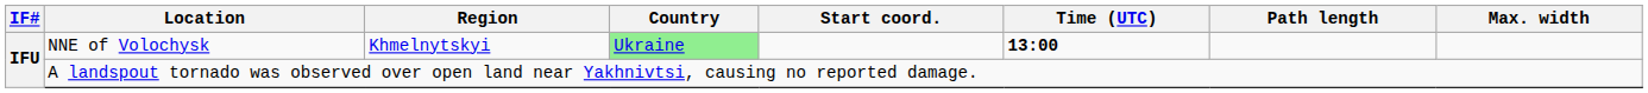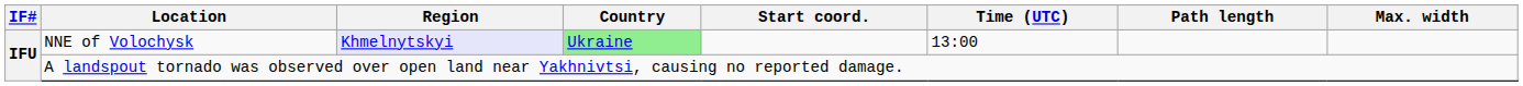 <table class="wikitable sortable" style="width:100%;">
 <tr>
 <th scope="col" width="2%" align="center"><a href='#'>IF#</a></th>
 <th scope="col" align="center" class="unsortable">Location</th>
 <th scope="col" align="center" class="unsortable">Region</th>
 <th scope="col" align="center">Country</th>
 <th scope="col" align="center">Start coord.</th>
 <th scope="col" align="center">Time (<a href='#'>UTC</a>)</th>
 <th scope="col" align="center">Path length</th>
 <th scope="col" align="center">Max. width</th>
 </tr>
 <tr>
 <th scope="row" rowspan="2" style="background-color:#">IFU</th>
 <td>NNE of <a href='#'>Volochysk</a></td>
-<td><a href='#'>Khmelnytskyi</a></td>
+<td style="background: lavender;"><a href='#'>Khmelnytskyi</a></td>
 <td style="background: lightgreen;"><a href='#'>Ukraine</a></td>
 <td></td>
-<td><strong>13:00</strong></td>
+<td>13:00</td>
 <td></td>
 <td></td>
 </tr>
 <tr class="expand-child">
 <td colspan="8" style=" border-bottom: 1px solid black;">A <a href='#'>landspout</a> tornado was observed over open land near <a href='#'>Yakhnivtsi</a>, causing no reported damage.</td>
 </tr>
 </table>
